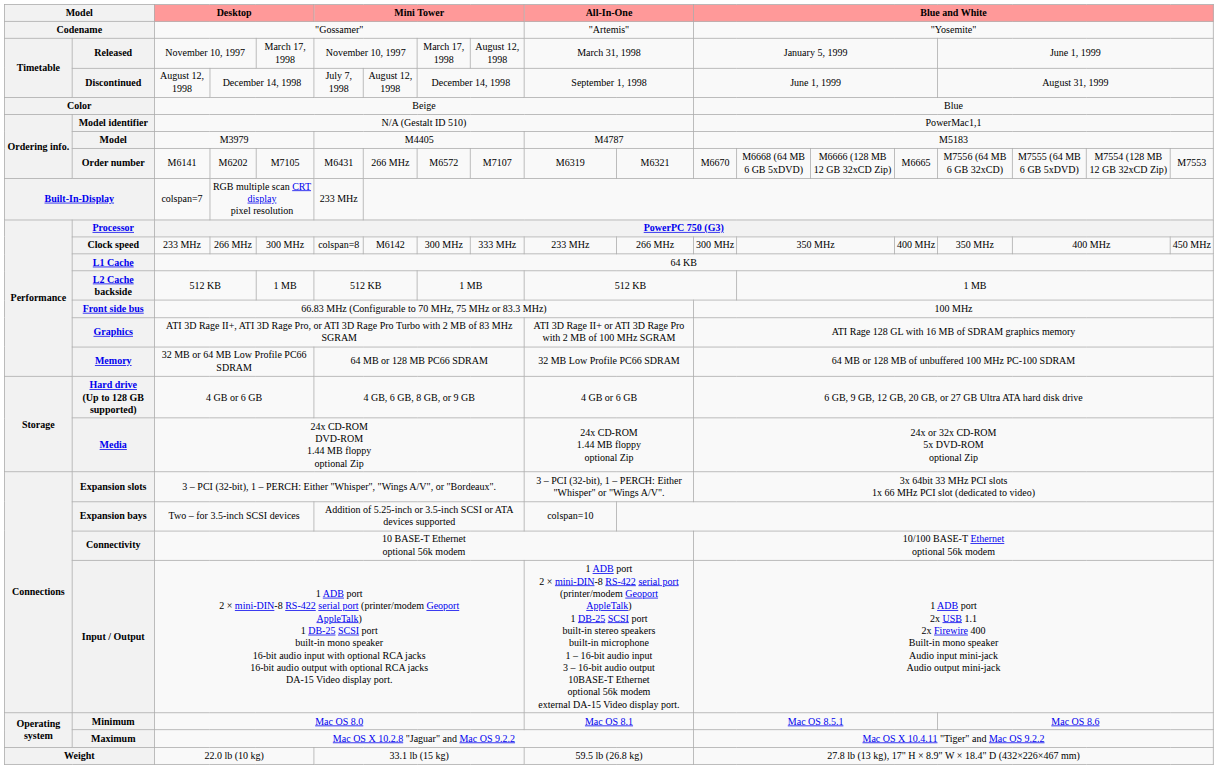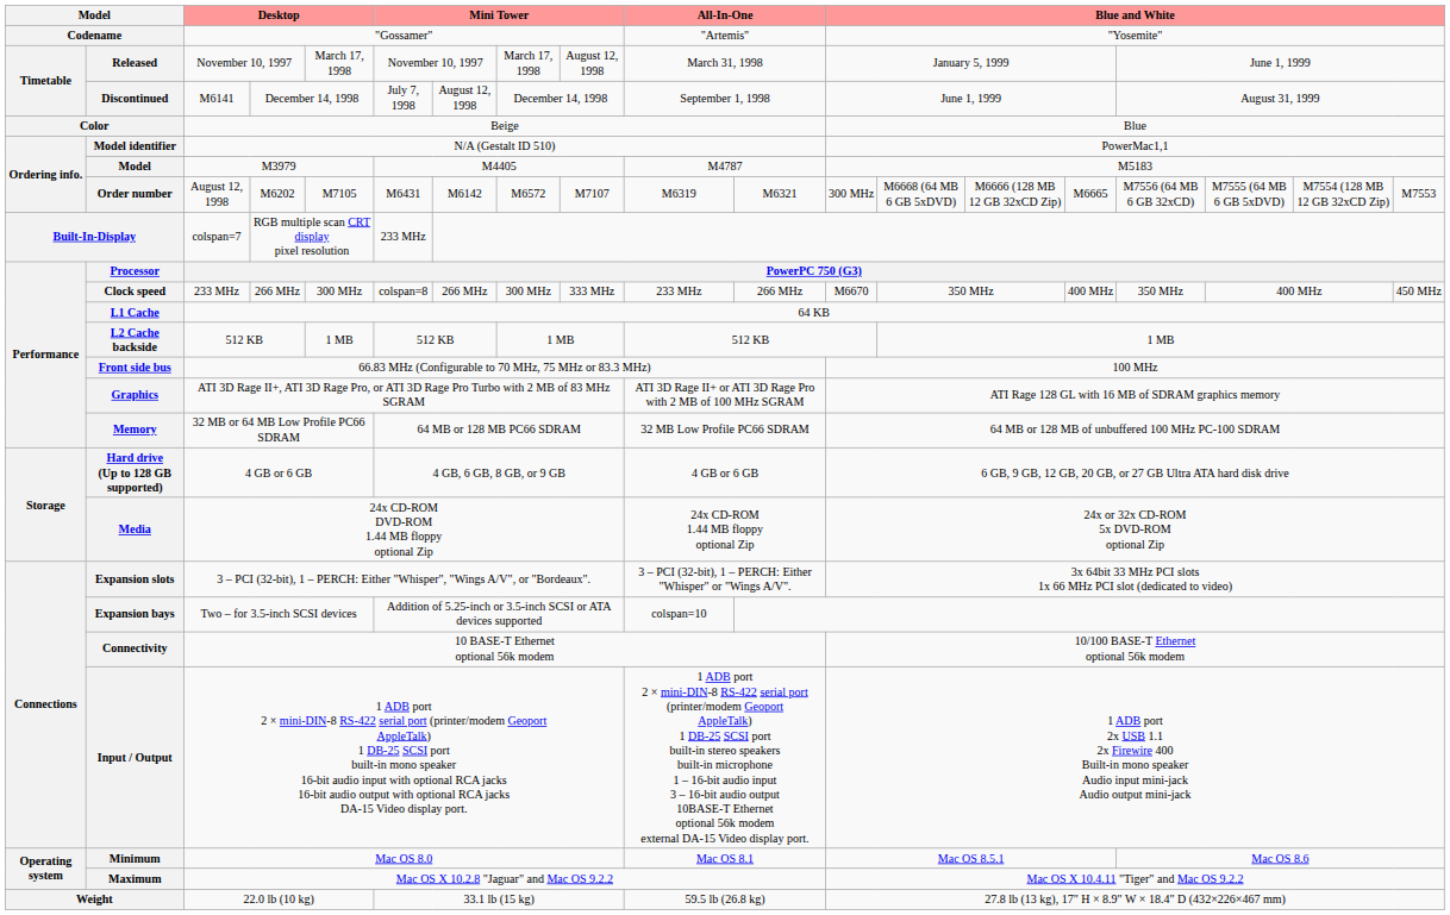 <table class="wikitable mw-collapsible" style="font-size:small; text-align:center">
 <tr>
 <th colspan=2>Model</th>
 <th colspan=3 style="background:#FF9999">Desktop</th>
 <th colspan=4 style="background:#FF9999">Mini Tower</th>
 <th colspan=2 style="background:#FF9999">All-In-One</th>
 <th colspan=8 style="background:#FF9999">Blue and White</th>
 </tr>
 <tr>
 <th colspan=2>Codename</th>
 <td colspan=7>"Gossamer"</td>
 <td colspan=2>"Artemis"</td>
 <td colspan=8>"Yosemite"</td>
 </tr>
 <tr>
 <th rowspan=2>Timetable</th>
 <th>Released</th>
 <td colspan=2>November 10, 1997</td>
 <td>March 17, 1998</td>
 <td colspan=2>November 10, 1997</td>
 <td>March 17, 1998</td>
 <td>August 12, 1998</td>
 <td colspan=2>March 31, 1998</td>
 <td colspan=4>January 5, 1999</td>
 <td colspan=4>June 1, 1999</td>
 </tr>
 <tr>
 <th>Discontinued</th>
-<td>August 12, 1998</td>
+<td>M6141</td>
 <td colspan=2>December 14, 1998</td>
 <td>July 7, 1998</td>
 <td>August 12, 1998</td>
 <td colspan=2>December 14, 1998</td>
 <td colspan=2>September 1, 1998</td>
 <td colspan=4>June 1, 1999</td>
 <td colspan=4>August 31, 1999</td>
 </tr>
 <tr>
 <th colspan=2>Color</th>
 <td colspan=9> Beige</td>
 <td colspan=8> Blue</td>
 </tr>
 <tr>
 <th rowspan=3>Ordering info.</th>
 <th>Model identifier</th>
 <td colspan=9>N/A (Gestalt ID 510)</td>
 <td colspan=8>PowerMac1,1</td>
 </tr>
 <tr>
 <th>Model</th>
 <td colspan=3>M3979</td>
 <td colspan=4>M4405</td>
 <td colspan=2>M4787</td>
 <td colspan=8>M5183</td>
 </tr>
 <tr>
 <th>Order number</th>
-<td>M6141</td>
+<td>August 12, 1998</td>
 <td>M6202</td>
 <td>M7105</td>
 <td>M6431</td>
-<td>266 MHz</td>
+<td>M6142</td>
 <td>M6572</td>
 <td>M7107</td>
 <td>M6319</td>
 <td>M6321</td>
-<td>M6670</td>
+<td>300 MHz</td>
 <td>M6668 (64 MB 6 GB 5xDVD)</td>
 <td>M6666 (128 MB 12 GB 32xCD Zip)</td>
 <td>M6665</td>
 <td>M7556 (64 MB 6 GB 32xCD)</td>
 <td>M7555 (64 MB 6 GB 5xDVD)</td>
 <td>M7554 (128 MB 12 GB 32xCD Zip)</td>
 <td>M7553</td>
 </tr>
 <tr>
 <th colspan=2><a href='#'>Built-In-Display</a></th>
 <td>colspan=7 </td>
 <td colspan=2> RGB multiple scan <a href='#'>CRT display</a><br> pixel resolution</td>
 <td>233 MHz</td>
 </tr>
 <tr>
 <th rowspan=7>Performance</th>
 <th><a href='#'>Processor</a></th>
 <th colspan=17><a href='#'>PowerPC 750 (G3)</a></th>
 </tr>
 <tr>
 <th>Clock speed</th>
 <td>233 MHz</td>
 <td>266 MHz</td>
 <td>300 MHz</td>
 <td>colspan=8 </td>
-<td>M6142</td>
+<td>266 MHz</td>
 <td>300 MHz</td>
 <td>333 MHz</td>
 <td>233 MHz</td>
 <td>266 MHz</td>
-<td>300 MHz</td>
+<td>M6670</td>
 <td colspan=2>350 MHz</td>
 <td>400 MHz</td>
 <td>350 MHz</td>
 <td colspan=2>400 MHz</td>
 <td>450 MHz</td>
 </tr>
 <tr>
 <th><a href='#'>L1 Cache</a></th>
 <td colspan=17>64 KB</td>
 </tr>
 <tr>
 <th><a href='#'>L2 Cache</a> backside</th>
 <td colspan=2>512 KB</td>
 <td>1 MB</td>
 <td colspan=2>512 KB</td>
 <td colspan=2>1 MB</td>
 <td colspan=3>512 KB</td>
 <td colspan=8>1 MB</td>
 </tr>
 <tr>
 <th><a href='#'>Front side bus</a></th>
 <td colspan=9>66.83 MHz (Configurable to 70 MHz, 75 MHz or 83.3 MHz)</td>
 <td colspan=8>100 MHz</td>
 </tr>
 <tr>
 <th><a href='#'>Graphics</a></th>
 <td colspan=7>ATI 3D Rage II+, ATI 3D Rage Pro, or ATI 3D Rage Pro Turbo with 2 MB of 83 MHz SGRAM <br></td>
 <td colspan=2>ATI 3D Rage II+ or ATI 3D Rage Pro with 2 MB of 100 MHz SGRAM <br></td>
 <td colspan=8>ATI Rage 128 GL with 16 MB of SDRAM graphics memory</td>
 </tr>
 <tr>
 <th><a href='#'>Memory</a></th>
 <td colspan=3>32 MB or 64 MB Low Profile PC66 SDRAM <br></td>
 <td colspan=4>64 MB or 128 MB PC66 SDRAM <br></td>
 <td colspan=2>32 MB Low Profile PC66 SDRAM <br></td>
 <td colspan=8>64 MB or 128 MB of unbuffered 100 MHz PC-100 SDRAM<br></td>
 </tr>
 <tr>
 <th rowspan=2>Storage</th>
 <th><a href='#'>Hard drive</a><br>(Up to 128 GB supported)</th>
 <td colspan=3>4 GB or 6 GB</td>
 <td colspan=4>4 GB, 6 GB, 8 GB, or 9 GB</td>
 <td colspan=2>4 GB or 6 GB</td>
 <td colspan=8>6 GB, 9 GB, 12 GB, 20 GB, or 27 GB Ultra ATA hard disk drive<br></td>
 </tr>
 <tr>
 <th><a href='#'>Media</a></th>
 <td colspan=7>24x CD-ROM<br>DVD-ROM<br>1.44 MB floppy<br>optional Zip</td>
 <td colspan=2>24x CD-ROM<br>1.44 MB floppy<br>optional Zip</td>
 <td colspan=8>24x or 32x CD-ROM<br>5x DVD-ROM<br>optional Zip</td>
 </tr>
 <tr>
 <th rowspan=4>Connections</th>
 <th>Expansion slots</th>
 <td colspan=7>3 – PCI (32-bit), 1 – PERCH: Either "Whisper", "Wings A/V", or "Bordeaux".</td>
 <td colspan=2>3 – PCI (32-bit), 1 – PERCH: Either "Whisper" or "Wings A/V".</td>
 <td colspan=8>3x 64bit 33 MHz PCI slots<br>1x 66 MHz PCI slot (dedicated to video)</td>
 </tr>
 <tr>
 <th>Expansion bays</th>
 <td colspan=3>Two – for 3.5-inch SCSI devices</td>
 <td colspan=4>Addition of 5.25-inch or 3.5-inch SCSI or ATA devices supported</td>
 <td>colspan=10 </td>
 </tr>
 <tr>
 <th>Connectivity</th>
 <td colspan=9>10 BASE-T Ethernet<br>optional 56k modem</td>
 <td colspan=8>10/100 BASE-T <a href='#'>Ethernet</a><br>optional 56k modem</td>
 </tr>
 <tr>
 <th>Input / Output</th>
 <td colspan=7>1 <a href='#'>ADB</a> port<br>2 × <a href='#'>mini-DIN</a>-8 <a href='#'>RS-422</a> <a href='#'>serial port</a> (printer/modem <a href='#'>Geoport</a><br><a href='#'>AppleTalk</a>)<br>1 <a href='#'>DB-25</a> <a href='#'>SCSI</a> port<br>built-in mono speaker<br>16-bit audio input with optional RCA jacks<br>16-bit audio output with optional RCA jacks<br>DA-15 Video display port.</td>
 <td colspan=2>1 <a href='#'>ADB</a> port<br>2 × <a href='#'>mini-DIN</a>-8 <a href='#'>RS-422</a> <a href='#'>serial port</a> (printer/modem <a href='#'>Geoport</a><br><a href='#'>AppleTalk</a>)<br>1 <a href='#'>DB-25</a> <a href='#'>SCSI</a> port<br>built-in stereo speakers<br>built-in microphone<br>1 – 16‑bit audio input<br>3 – 16-bit audio output<br>10BASE-T Ethernet<br>optional 56k modem<br>external DA-15 Video display port.</td>
 <td colspan=8>1 <a href='#'>ADB</a> port<br>2x <a href='#'>USB</a> 1.1<br>2x <a href='#'>Firewire</a> 400<br>Built-in mono speaker<br>Audio input mini-jack<br>Audio output mini-jack</td>
 </tr>
 <tr>
 <th rowspan=2>Operating system</th>
 <th>Minimum</th>
 <td colspan=7><a href='#'>Mac OS 8.0</a></td>
 <td colspan=2><a href='#'>Mac OS 8.1</a></td>
 <td colspan=4><a href='#'>Mac OS 8.5.1</a></td>
 <td colspan=4><a href='#'>Mac OS 8.6</a></td>
 </tr>
 <tr>
 <th>Maximum</th>
 <td colspan=9><a href='#'>Mac OS X 10.2.8</a> "Jaguar" and <a href='#'>Mac OS 9.2.2</a><br></td>
 <td colspan=8><a href='#'>Mac OS X 10.4.11</a> "Tiger" and <a href='#'>Mac OS 9.2.2</a><br></td>
 </tr>
 <tr>
 <th colspan=2>Weight</th>
 <td colspan=3>22.0 lb (10 kg)</td>
 <td colspan=4>33.1 lb (15 kg)</td>
 <td colspan=2>59.5 lb (26.8 kg)</td>
 <td colspan=8>27.8 lb (13 kg), 17" H × 8.9" W × 18.4" D (432×226×467 mm)</td>
 </tr>
 </table>
